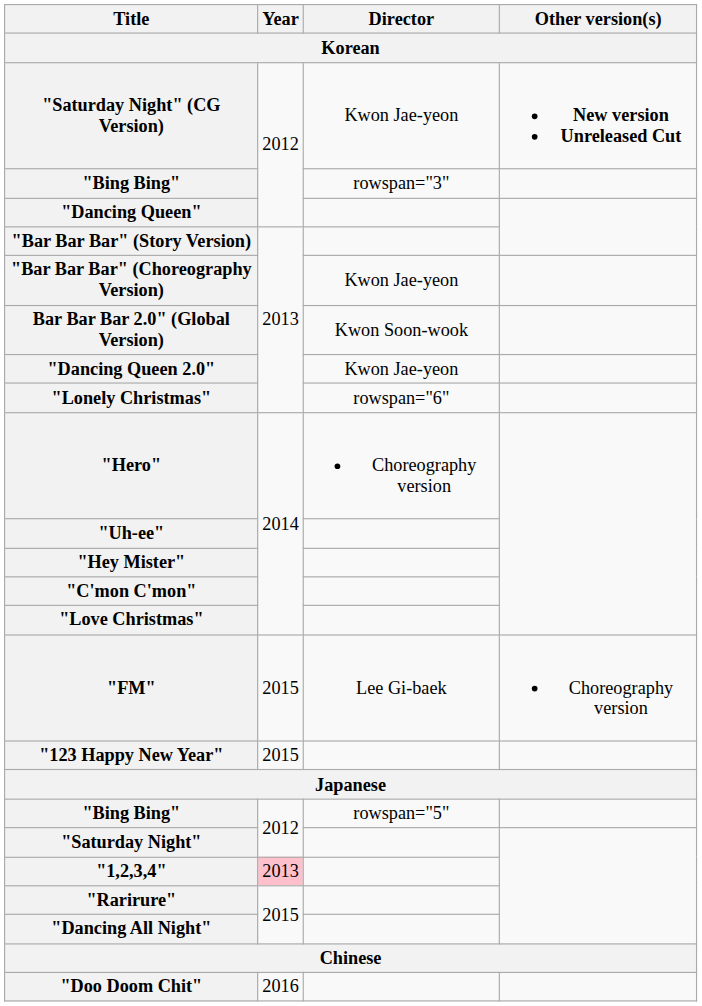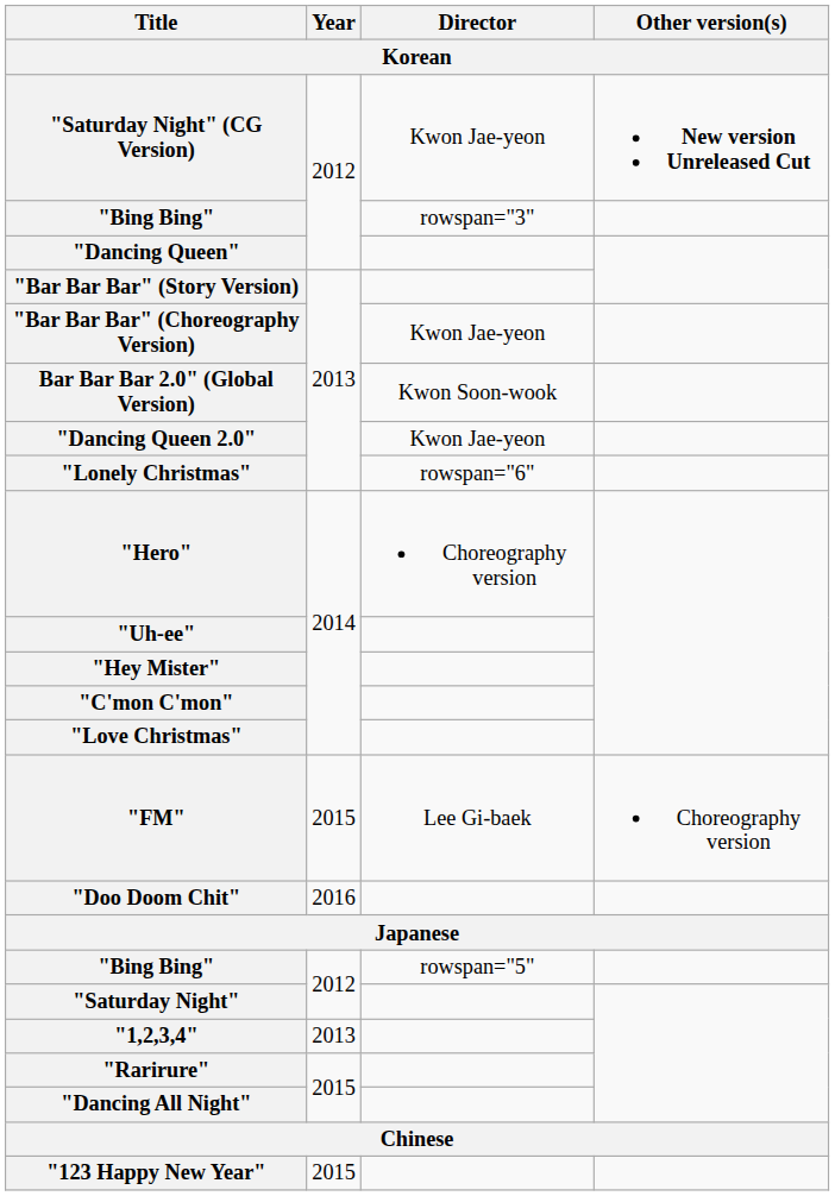 <table class="wikitable plainrowheaders" style="text-align:center">
 <tr>
 <th scope="col">Title</th>
 <th scope="col">Year</th>
 <th scope="col">Director</th>
 <th scope="col">Other version(s)</th>
 </tr>
 <tr>
 <th colspan="4">Korean</th>
 </tr>
 <tr>
 <th scope="row">"Saturday Night" <span>(CG Version)</span></th>
 <td rowspan="3">2012</td>
 <td>Kwon Jae-yeon</td>
 <td><strong><br><ul><li>New version</li><li>Unreleased Cut</li></ul></strong></td>
 </tr>
 <tr>
 <th scope="row">"Bing Bing"</th>
 <td>rowspan="3" </td>
 <td></td>
 </tr>
 <tr>
 <th scope="row">"Dancing Queen"</th>
 <td></td>
 </tr>
 <tr>
 <th scope="row">"Bar Bar Bar" <span>(Story Version)</span></th>
 <td rowspan="5">2013</td>
 <td></td>
 </tr>
 <tr>
 <th scope="row">"Bar Bar Bar" <span>(Choreography Version)</span></th>
 <td>Kwon Jae-yeon</td>
 <td></td>
 </tr>
 <tr>
 <th scope="row">Bar Bar Bar 2.0" <span>(Global Version)</span></th>
 <td>Kwon Soon-wook</td>
 <td></td>
 </tr>
 <tr>
 <th scope="row">"Dancing Queen 2.0"</th>
 <td>Kwon Jae-yeon</td>
 <td></td>
 </tr>
 <tr>
 <th scope="row">"Lonely Christmas"</th>
 <td>rowspan="6" </td>
 <td></td>
 </tr>
 <tr>
 <th scope="row">"Hero"</th>
 <td rowspan="5">2014</td>
 <td><br><ul><li>Choreography version</li></ul></td>
 </tr>
 <tr>
 <th scope="row">"Uh-ee"</th>
 <td></td>
 </tr>
 <tr>
 <th scope="row">"Hey Mister"</th>
 <td></td>
 </tr>
 <tr>
 <th scope="row">"C'mon C'mon"</th>
 <td></td>
 </tr>
 <tr>
 <th scope="row">"Love Christmas"</th>
 <td></td>
 </tr>
 <tr>
 <th scope="row">"FM"</th>
 <td>2015</td>
 <td>Lee Gi-baek</td>
 <td><br><ul><li>Choreography version</li></ul></td>
 </tr>
 <tr>
-<th scope="row">"123 Happy New Year"</th>
-<td>2015</td>
+<th scope="row">"Doo Doom Chit"</th>
+<td>2016</td>
 <td></td>
 <td></td>
 </tr>
 <tr>
 <th colspan="4">Japanese</th>
 </tr>
 <tr>
 <th scope="row">"Bing Bing"</th>
 <td rowspan="2">2012</td>
 <td>rowspan="5" </td>
 <td></td>
 </tr>
 <tr>
 <th scope="row">"Saturday Night"</th>
 <td></td>
 </tr>
 <tr>
 <th scope="row">"1,2,3,4"</th>
-<td style="background: pink;">2013</td>
+<td>2013</td>
 <td></td>
 </tr>
 <tr>
 <th scope="row">"Rarirure"</th>
 <td rowspan="2">2015</td>
 <td></td>
 </tr>
 <tr>
 <th scope="row">"Dancing All Night"</th>
 <td></td>
 </tr>
 <tr>
 <th colspan="4">Chinese</th>
 </tr>
 <tr>
-<th scope="row">"Doo Doom Chit"</th>
-<td>2016</td>
+<th scope="row">"123 Happy New Year"</th>
+<td>2015</td>
 <td></td>
 <td></td>
 </tr>
 </table>
